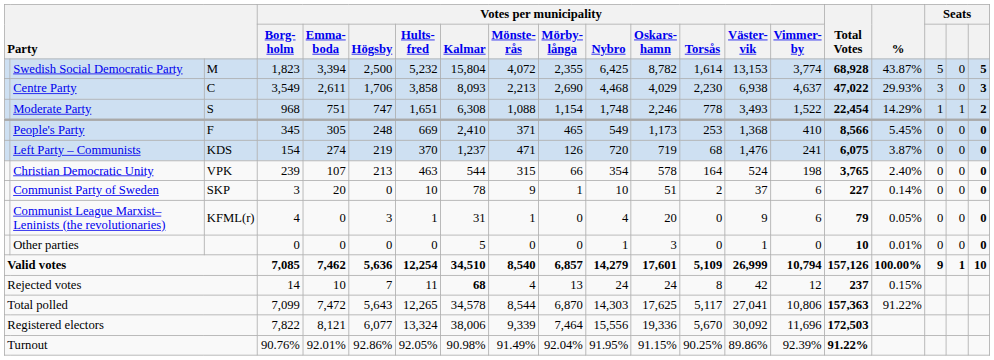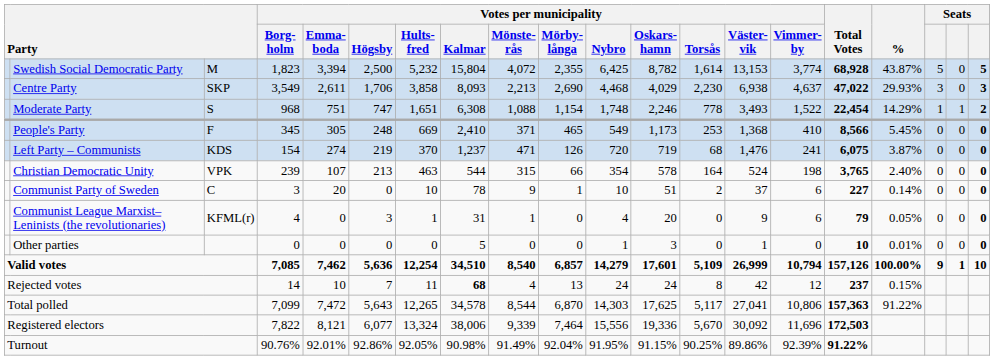 <table class="wikitable" border="1" style="text-align:right;">
 <tr>
 <th style="text-align:left;" valign=bottom rowspan=2 colspan=3>Party</th>
 <th colspan=12>Votes per municipality</th>
 <th align=center valign=bottom rowspan=2 width="50">Total Votes</th>
 <th align=center valign=bottom rowspan=2 width="50">%</th>
 <th colspan=3>Seats</th>
 </tr>
 <tr>
 <th align=center valign=bottom width="50"><a href='#'>Borg- holm</a></th>
 <th align=center valign=bottom width="50"><a href='#'>Emma- boda</a></th>
 <th align=center valign=bottom width="50"><a href='#'>Högsby</a></th>
 <th align=center valign=bottom width="50"><a href='#'>Hults- fred</a></th>
 <th align=center valign=bottom width="50"><a href='#'>Kalmar</a></th>
 <th align=center valign=bottom width="50"><a href='#'>Mönste- rås</a></th>
 <th align=center valign=bottom width="50"><a href='#'>Mörby- långa</a></th>
 <th align=center valign=bottom width="50"><a href='#'>Nybro</a></th>
 <th align=center valign=bottom width="50"><a href='#'>Oskars- hamn</a></th>
 <th align=center valign=bottom width="50"><a href='#'>Torsås</a></th>
 <th align=center valign=bottom width="50"><a href='#'>Väster- vik</a></th>
 <th align=center valign=bottom width="50"><a href='#'>Vimmer- by</a></th>
 <th align=center valign=bottom width="20"><small></small></th>
 <th align=center valign=bottom width="20"><small><a href='#'></a></small></th>
 <th align=center valign=bottom width="20"><small></small></th>
 </tr>
 <tr style="background:#CEE0F2;">
 <td></td>
 <td align=left style="white-space: nowrap;"><a href='#'>Swedish Social Democratic Party</a></td>
 <td align=left>M</td>
 <td>1,823</td>
 <td>3,394</td>
 <td>2,500</td>
 <td>5,232</td>
 <td>15,804</td>
 <td>4,072</td>
 <td>2,355</td>
 <td>6,425</td>
 <td>8,782</td>
 <td>1,614</td>
 <td>13,153</td>
 <td>3,774</td>
 <td><strong>68,928</strong></td>
 <td>43.87%</td>
 <td>5</td>
 <td>0</td>
 <td><strong>5</strong></td>
 </tr>
 <tr style="background:#CEE0F2;">
 <td></td>
 <td align=left><a href='#'>Centre Party</a></td>
-<td align=left>C</td>
+<td align=left>SKP</td>
 <td>3,549</td>
 <td>2,611</td>
 <td>1,706</td>
 <td>3,858</td>
 <td>8,093</td>
 <td>2,213</td>
 <td>2,690</td>
 <td>4,468</td>
 <td>4,029</td>
 <td>2,230</td>
 <td>6,938</td>
 <td>4,637</td>
 <td><strong>47,022</strong></td>
 <td>29.93%</td>
 <td>3</td>
 <td>0</td>
 <td><strong>3</strong></td>
 </tr>
 <tr style="background:#CEE0F2;">
 <td></td>
 <td align=left><a href='#'>Moderate Party</a></td>
 <td align=left>S</td>
 <td>968</td>
 <td>751</td>
 <td>747</td>
 <td>1,651</td>
 <td>6,308</td>
 <td>1,088</td>
 <td>1,154</td>
 <td>1,748</td>
 <td>2,246</td>
 <td>778</td>
 <td>3,493</td>
 <td>1,522</td>
 <td><strong>22,454</strong></td>
 <td>14.29%</td>
 <td>1</td>
 <td>1</td>
 <td><strong>2</strong></td>
 </tr>
 <tr style="background:#CEE0F2; border-top:3px solid darkgray;">
 <td></td>
 <td align=left><a href='#'>People's Party</a></td>
 <td align=left>F</td>
 <td>345</td>
 <td>305</td>
 <td>248</td>
 <td>669</td>
 <td>2,410</td>
 <td>371</td>
 <td>465</td>
 <td>549</td>
 <td>1,173</td>
 <td>253</td>
 <td>1,368</td>
 <td>410</td>
 <td><strong>8,566</strong></td>
 <td>5.45%</td>
 <td>0</td>
 <td>0</td>
 <td><strong>0</strong></td>
 </tr>
 <tr style="background:#CEE0F2;">
 <td></td>
 <td align=left><a href='#'>Left Party – Communists</a></td>
 <td align=left>KDS</td>
 <td>154</td>
 <td>274</td>
 <td>219</td>
 <td>370</td>
 <td>1,237</td>
 <td>471</td>
 <td>126</td>
 <td>720</td>
 <td>719</td>
 <td>68</td>
 <td>1,476</td>
 <td>241</td>
 <td><strong>6,075</strong></td>
 <td>3.87%</td>
 <td>0</td>
 <td>0</td>
 <td><strong>0</strong></td>
 </tr>
 <tr>
 <td></td>
 <td align=left><a href='#'>Christian Democratic Unity</a></td>
 <td align=left>VPK</td>
 <td>239</td>
 <td>107</td>
 <td>213</td>
 <td>463</td>
 <td>544</td>
 <td>315</td>
 <td>66</td>
 <td>354</td>
 <td>578</td>
 <td>164</td>
 <td>524</td>
 <td>198</td>
 <td><strong>3,765</strong></td>
 <td>2.40%</td>
 <td>0</td>
 <td>0</td>
 <td><strong>0</strong></td>
 </tr>
 <tr>
 <td></td>
 <td align=left><a href='#'>Communist Party of Sweden</a></td>
-<td align=left>SKP</td>
+<td align=left>C</td>
 <td>3</td>
 <td>20</td>
 <td>0</td>
 <td>10</td>
 <td>78</td>
 <td>9</td>
 <td>1</td>
 <td>10</td>
 <td>51</td>
 <td>2</td>
 <td>37</td>
 <td>6</td>
 <td><strong>227</strong></td>
 <td>0.14%</td>
 <td>0</td>
 <td>0</td>
 <td><strong>0</strong></td>
 </tr>
 <tr>
 <td></td>
 <td align=left><a href='#'>Communist League Marxist–Leninists (the revolutionaries)</a></td>
 <td align=left>KFML(r)</td>
 <td>4</td>
 <td>0</td>
 <td>3</td>
 <td>1</td>
 <td>31</td>
 <td>1</td>
 <td>0</td>
 <td>4</td>
 <td>20</td>
 <td>0</td>
 <td>9</td>
 <td>6</td>
 <td><strong>79</strong></td>
 <td>0.05%</td>
 <td>0</td>
 <td>0</td>
 <td><strong>0</strong></td>
 </tr>
 <tr>
 <td></td>
 <td align=left>Other parties</td>
 <td></td>
 <td>0</td>
 <td>0</td>
 <td>0</td>
 <td>0</td>
 <td>5</td>
 <td>0</td>
 <td>0</td>
 <td>1</td>
 <td>3</td>
 <td>0</td>
 <td>1</td>
 <td>0</td>
 <td><strong>10</strong></td>
 <td>0.01%</td>
 <td>0</td>
 <td>0</td>
 <td><strong>0</strong></td>
 </tr>
 <tr style="font-weight:bold">
 <td align=left colspan=3>Valid votes</td>
 <td>7,085</td>
 <td>7,462</td>
 <td>5,636</td>
 <td>12,254</td>
 <td>34,510</td>
 <td>8,540</td>
 <td>6,857</td>
 <td>14,279</td>
 <td>17,601</td>
 <td>5,109</td>
 <td>26,999</td>
 <td>10,794</td>
 <td>157,126</td>
 <td>100.00%</td>
 <td>9</td>
 <td>1</td>
 <td>10</td>
 </tr>
 <tr>
 <td align=left colspan=3>Rejected votes</td>
 <td>14</td>
 <td>10</td>
 <td>7</td>
 <td>11</td>
 <td><strong>68</strong></td>
 <td>4</td>
 <td>13</td>
 <td>24</td>
 <td>24</td>
 <td>8</td>
 <td>42</td>
 <td>12</td>
 <td><strong>237</strong></td>
 <td>0.15%</td>
 <td></td>
 <td></td>
 <td></td>
 </tr>
 <tr>
 <td align=left colspan=3>Total polled</td>
 <td>7,099</td>
 <td>7,472</td>
 <td>5,643</td>
 <td>12,265</td>
 <td>34,578</td>
 <td>8,544</td>
 <td>6,870</td>
 <td>14,303</td>
 <td>17,625</td>
 <td>5,117</td>
 <td>27,041</td>
 <td>10,806</td>
 <td><strong>157,363</strong></td>
 <td>91.22%</td>
 <td></td>
 <td></td>
 <td></td>
 </tr>
 <tr>
 <td align=left colspan=3>Registered electors</td>
 <td>7,822</td>
 <td>8,121</td>
 <td>6,077</td>
 <td>13,324</td>
 <td>38,006</td>
 <td>9,339</td>
 <td>7,464</td>
 <td>15,556</td>
 <td>19,336</td>
 <td>5,670</td>
 <td>30,092</td>
 <td>11,696</td>
 <td><strong>172,503</strong></td>
 <td></td>
 <td></td>
 <td></td>
 <td></td>
 </tr>
 <tr>
 <td align=left colspan=3>Turnout</td>
 <td>90.76%</td>
 <td>92.01%</td>
 <td>92.86%</td>
 <td>92.05%</td>
 <td>90.98%</td>
 <td>91.49%</td>
 <td>92.04%</td>
 <td>91.95%</td>
 <td>91.15%</td>
 <td>90.25%</td>
 <td>89.86%</td>
 <td>92.39%</td>
 <td><strong>91.22%</strong></td>
 <td></td>
 <td></td>
 <td></td>
 <td></td>
 </tr>
 </table>
